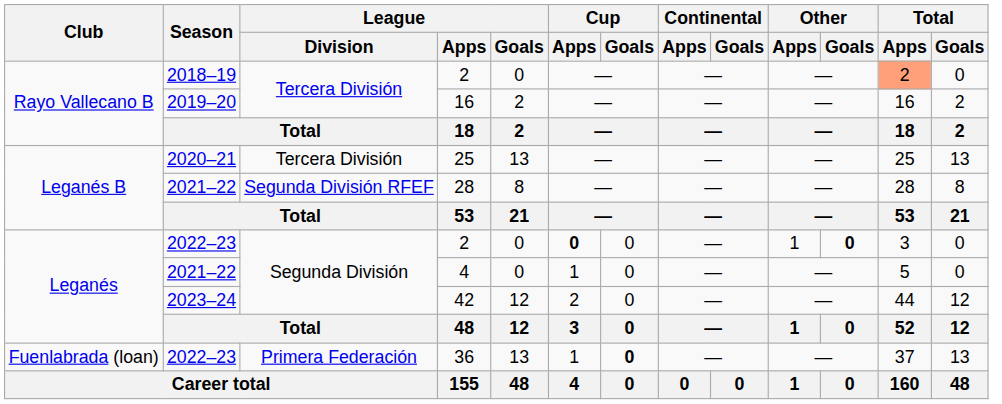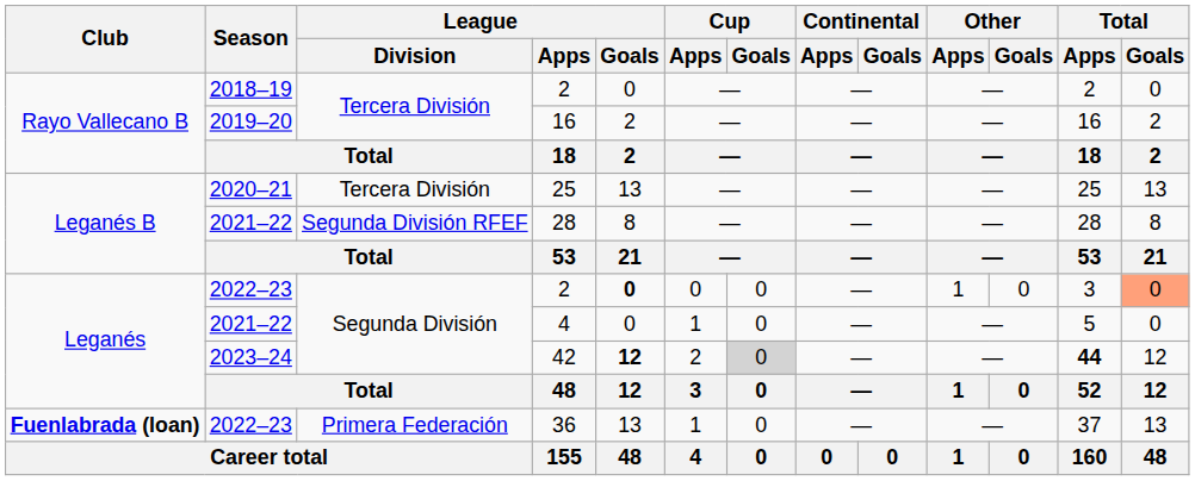 <table class="wikitable" style="text-align:center">
 <tr>
 <th rowspan="2">Club</th>
 <th rowspan="2">Season</th>
 <th colspan="3">League</th>
 <th colspan="2">Cup</th>
 <th colspan="2">Continental</th>
 <th colspan="2">Other</th>
 <th colspan="2">Total</th>
 </tr>
 <tr>
 <th>Division</th>
 <th>Apps</th>
 <th>Goals</th>
 <th>Apps</th>
 <th>Goals</th>
 <th>Apps</th>
 <th>Goals</th>
 <th>Apps</th>
 <th>Goals</th>
 <th>Apps</th>
 <th>Goals</th>
 </tr>
 <tr>
 <td rowspan="3"><a href='#'>Rayo Vallecano B</a></td>
 <td><a href='#'>2018–19</a></td>
 <td rowspan="2"><a href='#'>Tercera División</a></td>
 <td>2</td>
 <td>0</td>
 <td colspan="2">—</td>
 <td colspan="2">—</td>
 <td colspan="2">—</td>
-<td style="background: lightsalmon;">2</td>
+<td>2</td>
 <td>0</td>
 </tr>
 <tr>
 <td><a href='#'>2019–20</a></td>
 <td>16</td>
 <td>2</td>
 <td colspan="2">—</td>
 <td colspan="2">—</td>
 <td colspan="2">—</td>
 <td>16</td>
 <td>2</td>
 </tr>
 <tr>
 <th colspan="2">Total</th>
 <th>18</th>
 <th>2</th>
 <th colspan="2">—</th>
 <th colspan="2">—</th>
 <th colspan="2">—</th>
 <th>18</th>
 <th>2</th>
 </tr>
 <tr>
 <td rowspan="3"><a href='#'>Leganés B</a></td>
 <td><a href='#'>2020–21</a></td>
 <td>Tercera División</td>
 <td>25</td>
 <td>13</td>
 <td colspan="2">—</td>
 <td colspan="2">—</td>
 <td colspan="2">—</td>
 <td>25</td>
 <td>13</td>
 </tr>
 <tr>
 <td><a href='#'>2021–22</a></td>
 <td><a href='#'>Segunda División RFEF</a></td>
 <td>28</td>
 <td>8</td>
 <td colspan="2">—</td>
 <td colspan="2">—</td>
 <td colspan="2">—</td>
 <td>28</td>
 <td>8</td>
 </tr>
 <tr>
 <th colspan="2">Total</th>
 <th>53</th>
 <th>21</th>
 <th colspan="2">—</th>
 <th colspan="2">—</th>
 <th colspan="2">—</th>
 <th>53</th>
 <th>21</th>
 </tr>
 <tr>
 <td rowspan="4"><a href='#'>Leganés</a></td>
 <td><a href='#'>2022–23</a></td>
 <td rowspan="3">Segunda División</td>
 <td>2</td>
+<td><strong>0</strong></td>
 <td>0</td>
-<td><strong>0</strong></td>
 <td>0</td>
 <td colspan="2">—</td>
 <td>1</td>
-<td><strong>0</strong></td>
+<td>0</td>
 <td>3</td>
-<td>0</td>
+<td style="background: lightsalmon;">0</td>
 </tr>
 <tr>
 <td><a href='#'>2021–22</a></td>
 <td>4</td>
 <td>0</td>
 <td>1</td>
 <td>0</td>
 <td colspan="2">—</td>
 <td colspan="2">—</td>
 <td>5</td>
 <td>0</td>
 </tr>
 <tr>
 <td><a href='#'>2023–24</a></td>
 <td>42</td>
-<td>12</td>
+<td><strong>12</strong></td>
 <td>2</td>
-<td>0</td>
+<td style="background: lightgrey;">0</td>
 <td colspan="2">—</td>
 <td colspan="2">—</td>
-<td>44</td>
+<td><strong>44</strong></td>
 <td>12</td>
 </tr>
 <tr>
 <th colspan="2">Total</th>
 <th>48</th>
 <th>12</th>
 <th>3</th>
 <th>0</th>
 <th colspan="2">—</th>
 <th>1</th>
 <th>0</th>
 <th>52</th>
 <th>12</th>
 </tr>
 <tr>
-<td><a href='#'>Fuenlabrada</a> (loan)</td>
+<td><strong><a href='#'>Fuenlabrada</a> (loan)</strong></td>
 <td><a href='#'>2022–23</a></td>
 <td><a href='#'>Primera Federación</a></td>
 <td>36</td>
 <td>13</td>
 <td>1</td>
-<td><strong>0</strong></td>
+<td>0</td>
 <td colspan="2">—</td>
 <td colspan="2">—</td>
 <td>37</td>
 <td>13</td>
 </tr>
 <tr>
 <th colspan="3">Career total</th>
 <th>155</th>
 <th>48</th>
 <th>4</th>
 <th>0</th>
 <th>0</th>
 <th>0</th>
 <th>1</th>
 <th>0</th>
 <th>160</th>
 <th>48</th>
 </tr>
 </table>
